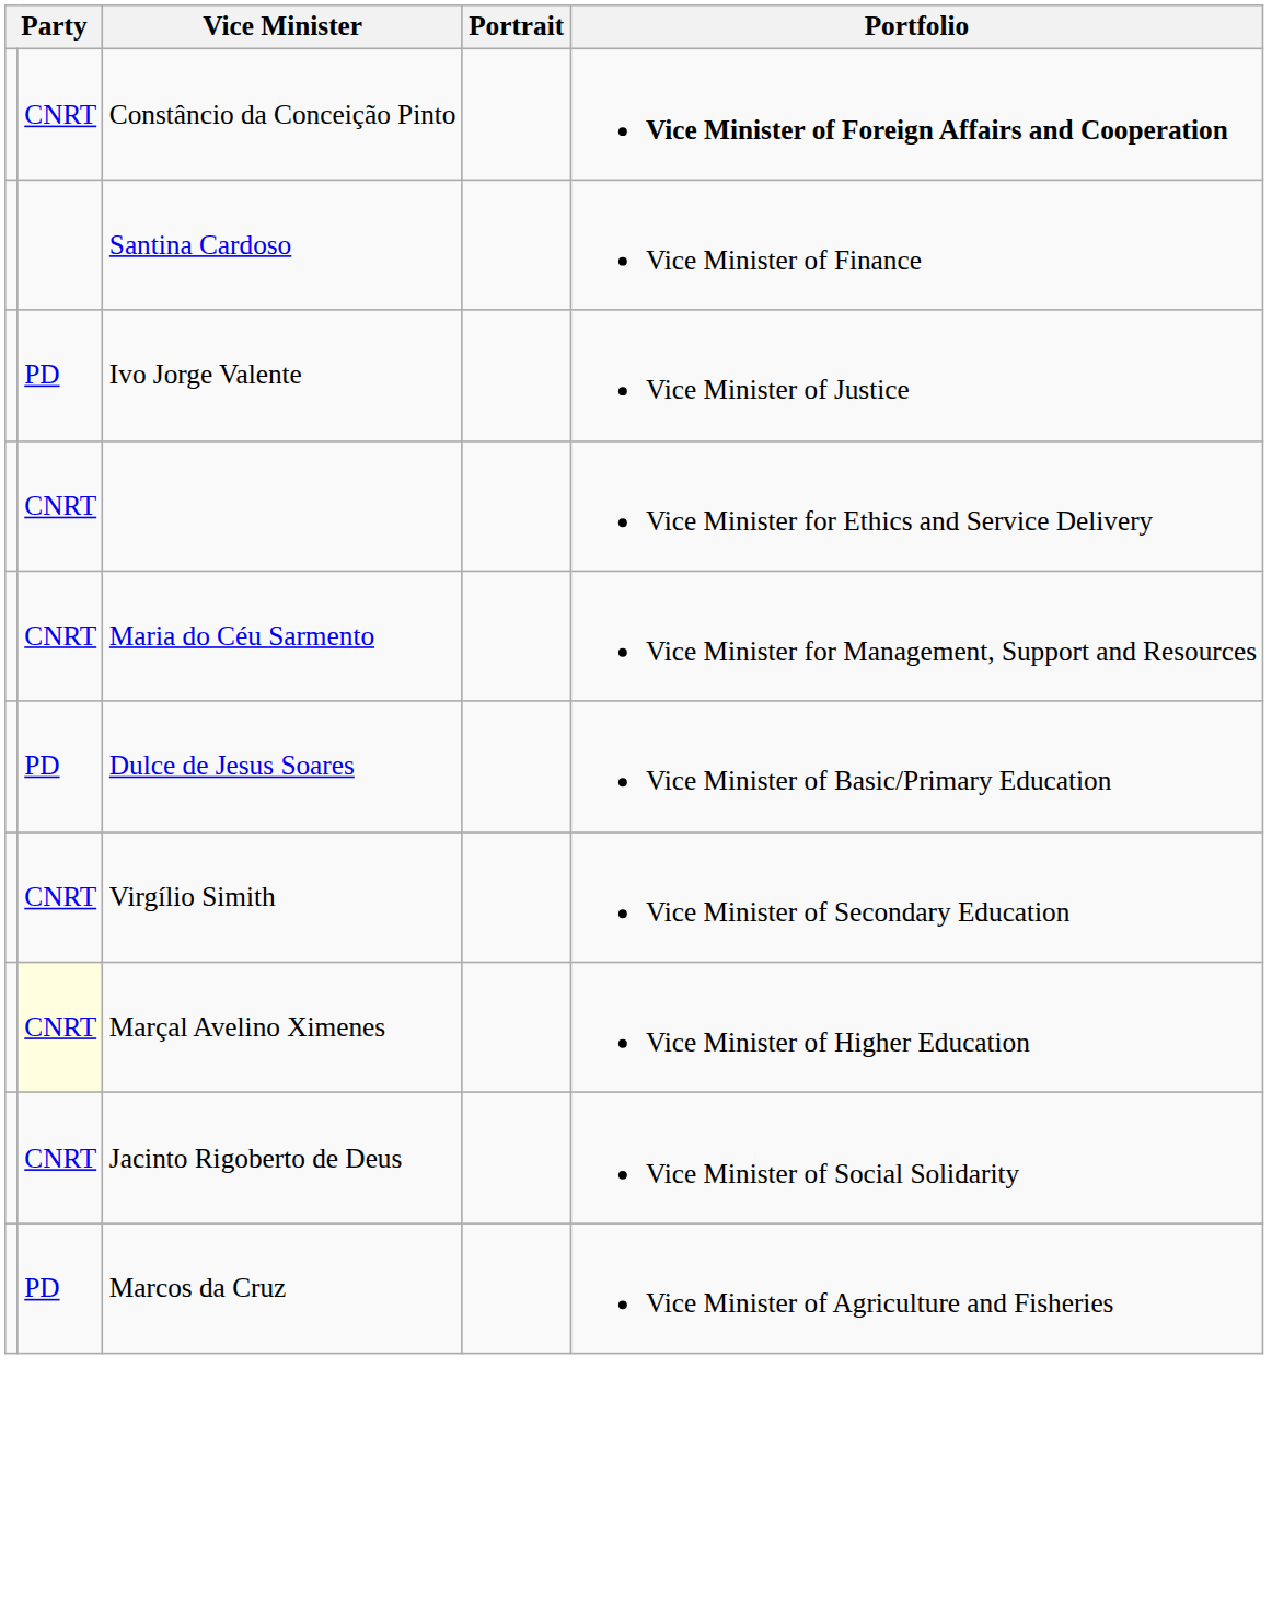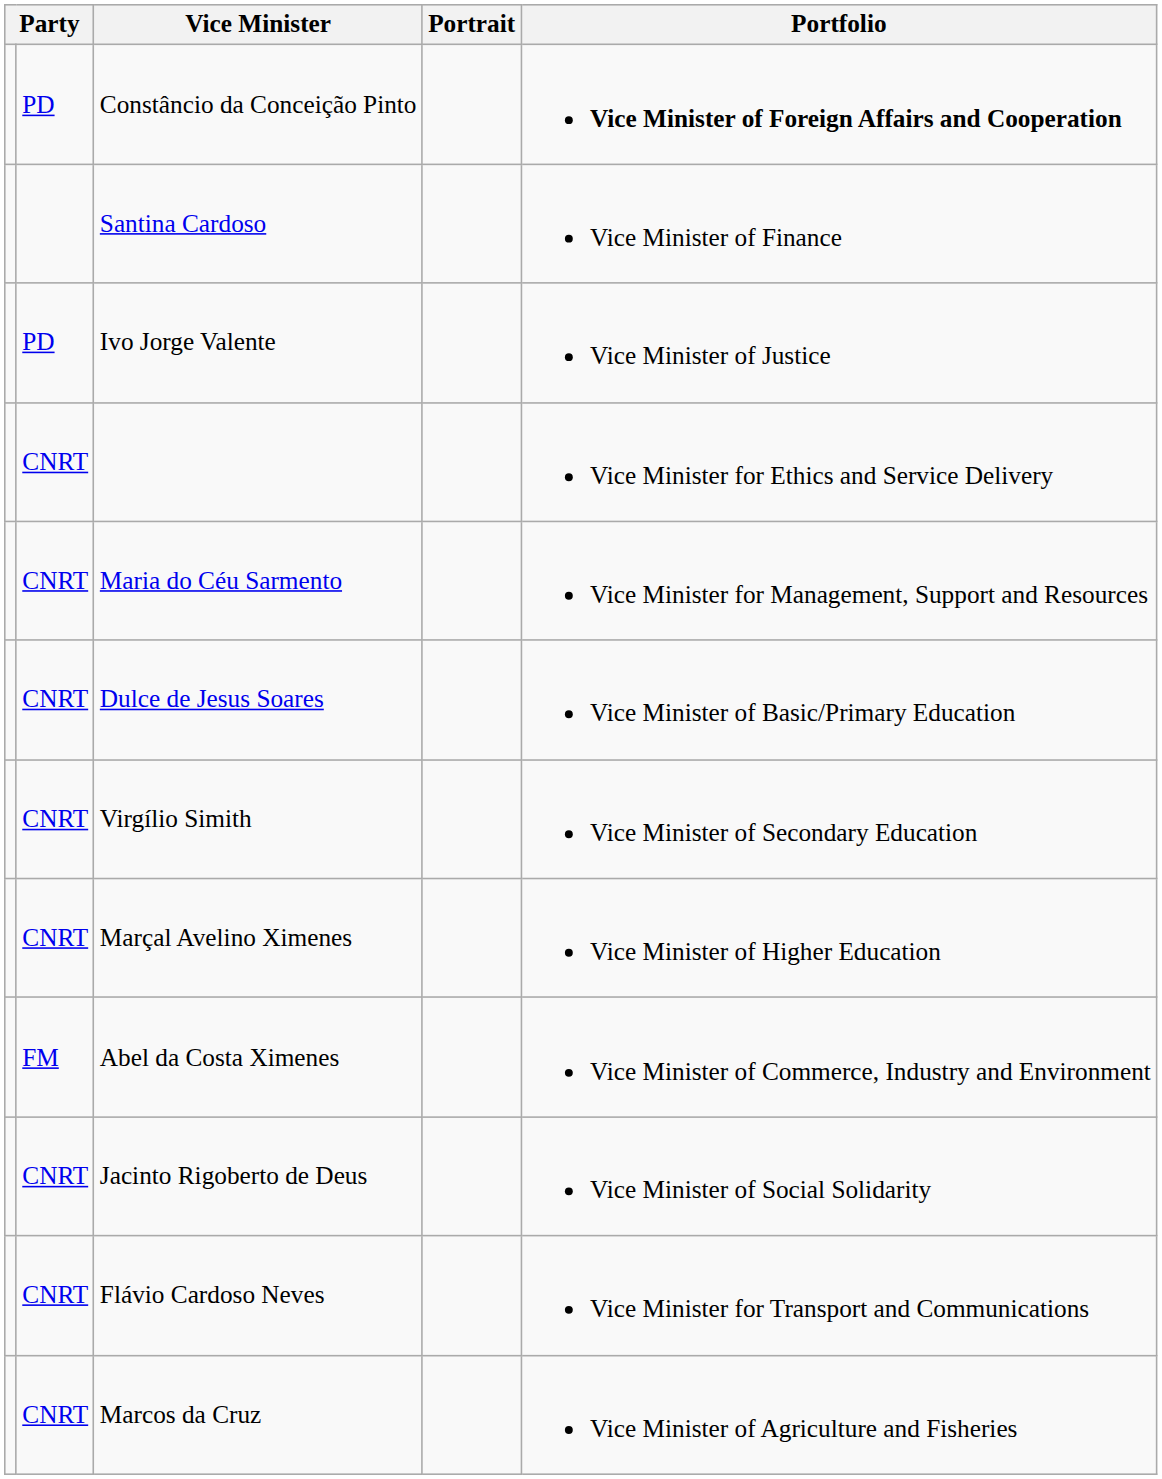 <table class="wikitable sortable">
 <tr>
 <th colspan="2">Party</th>
 <th>Vice Minister</th>
 <th>Portrait</th>
 <th>Portfolio</th>
 </tr>
 <tr>
 <td style="background:"></td>
-<td><a href='#'>CNRT</a></td>
+<td><a href='#'><span>PD</span></a></td>
 <td>Constâncio da Conceição Pinto</td>
 <td></td>
 <td><strong><br><ul><li>Vice Minister of Foreign Affairs and Cooperation</li></ul></strong></td>
 </tr>
 <tr>
 <td></td>
 <td></td>
 <td><a href='#'>Santina Cardoso</a></td>
 <td></td>
 <td><br><ul><li>Vice Minister of Finance</li></ul></td>
 </tr>
 <tr>
 <td style="background:"></td>
 <td><a href='#'><span>PD</span></a></td>
 <td>Ivo Jorge Valente</td>
 <td></td>
 <td><br><ul><li>Vice Minister of Justice</li></ul></td>
 </tr>
 <tr>
 <td style="background:"></td>
 <td><a href='#'>CNRT</a></td>
 <td></td>
 <td></td>
 <td><br><ul><li>Vice Minister for Ethics and Service Delivery</li></ul></td>
 </tr>
 <tr>
 <td style="background:"></td>
 <td><a href='#'>CNRT</a></td>
 <td><a href='#'>Maria do Céu Sarmento</a></td>
 <td></td>
 <td><br><ul><li>Vice Minister for Management, Support and Resources</li></ul></td>
 </tr>
 <tr>
 <td style="background:"></td>
-<td><a href='#'><span>PD</span></a></td>
+<td><a href='#'>CNRT</a></td>
 <td><a href='#'>Dulce de Jesus Soares</a></td>
 <td></td>
 <td><br><ul><li>Vice Minister of Basic/Primary Education</li></ul></td>
 </tr>
 <tr>
 <td style="background:"></td>
 <td><a href='#'>CNRT</a></td>
 <td>Virgílio Simith</td>
 <td></td>
 <td><br><ul><li>Vice Minister of Secondary Education</li></ul></td>
 </tr>
 <tr>
 <td style="background:"></td>
-<td style="background: lightyellow;"><a href='#'>CNRT</a></td>
+<td><a href='#'>CNRT</a></td>
 <td>Marçal Avelino Ximenes</td>
 <td></td>
 <td><br><ul><li>Vice Minister of Higher Education</li></ul></td>
+</tr>
+<tr>
+<td style="background:"></td>
+<td><a href='#'>FM</a></td>
+<td>Abel da Costa Ximenes</td>
+<td></td>
+<td><br><ul><li>Vice Minister of Commerce, Industry and Environment</li></ul></td>
 </tr>
 <tr>
 <td style="background:"></td>
 <td><a href='#'>CNRT</a></td>
 <td>Jacinto Rigoberto de Deus</td>
 <td></td>
 <td><br><ul><li>Vice Minister of Social Solidarity</li></ul></td>
 </tr>
 <tr>
 <td style="background:"></td>
-<td><a href='#'>PD</a></td>
+<td><a href='#'>CNRT</a></td>
+<td>Flávio Cardoso Neves</td>
+<td></td>
+<td><br><ul><li>Vice Minister for Transport and Communications</li></ul></td>
+</tr>
+<tr>
+<td style="background:"></td>
+<td><a href='#'>CNRT</a></td>
 <td>Marcos da Cruz</td>
 <td></td>
 <td><br><ul><li>Vice Minister of Agriculture and Fisheries</li></ul></td>
 </tr>
 </table>
